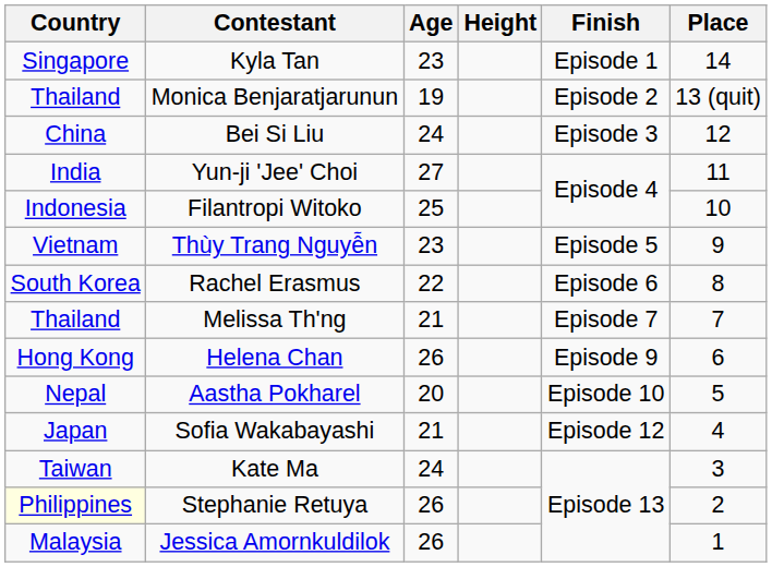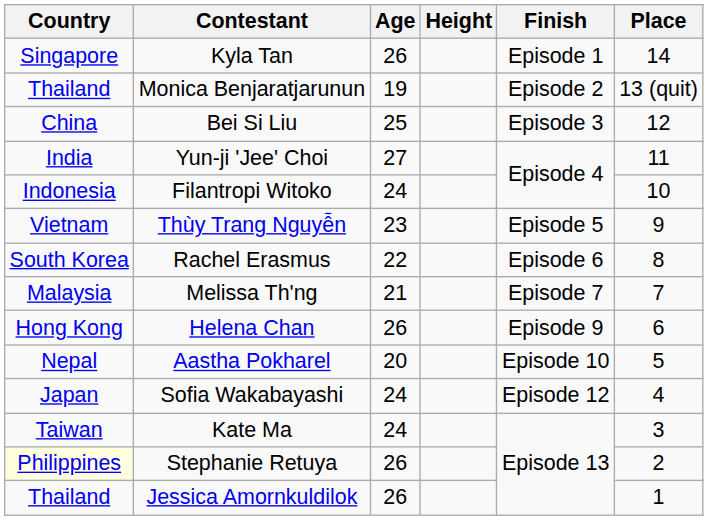 <table class="wikitable sortable" style="text-align:center;">
 <tr>
 <th>Country</th>
 <th>Contestant</th>
 <th>Age</th>
 <th>Height</th>
 <th>Finish</th>
 <th>Place</th>
 </tr>
 <tr>
 <td><a href='#'>Singapore</a></td>
 <td>Kyla Tan</td>
-<td>23</td>
+<td>26</td>
 <td></td>
 <td>Episode 1</td>
 <td>14</td>
 </tr>
 <tr>
 <td><a href='#'>Thailand</a></td>
 <td>Monica Benjaratjarunun</td>
 <td>19</td>
 <td></td>
 <td>Episode 2</td>
 <td>13 (quit)</td>
 </tr>
 <tr>
 <td><a href='#'>China</a></td>
 <td>Bei Si Liu</td>
-<td>24</td>
+<td>25</td>
 <td></td>
 <td>Episode 3</td>
 <td>12</td>
 </tr>
 <tr>
 <td><a href='#'>India</a></td>
 <td>Yun-ji 'Jee' Choi</td>
 <td>27</td>
 <td></td>
 <td rowspan="2">Episode 4</td>
 <td>11</td>
 </tr>
 <tr>
 <td><a href='#'>Indonesia</a></td>
 <td>Filantropi Witoko</td>
-<td>25</td>
+<td>24</td>
 <td></td>
 <td>10</td>
 </tr>
 <tr>
 <td><a href='#'>Vietnam</a></td>
 <td><a href='#'>Thùy Trang Nguyễn</a></td>
 <td>23</td>
 <td></td>
 <td>Episode 5</td>
 <td>9</td>
 </tr>
 <tr>
 <td><a href='#'>South Korea</a></td>
 <td>Rachel Erasmus</td>
 <td>22</td>
 <td></td>
 <td>Episode 6</td>
 <td>8</td>
 </tr>
 <tr>
-<td><a href='#'>Thailand</a></td>
+<td><a href='#'>Malaysia</a></td>
 <td>Melissa Th'ng</td>
 <td>21</td>
 <td></td>
 <td>Episode 7</td>
 <td>7</td>
 </tr>
 <tr>
 <td><a href='#'>Hong Kong</a></td>
 <td><a href='#'>Helena Chan</a></td>
 <td>26</td>
 <td></td>
 <td>Episode 9</td>
 <td>6</td>
 </tr>
 <tr>
 <td><a href='#'>Nepal</a></td>
 <td><a href='#'>Aastha Pokharel</a></td>
 <td>20</td>
 <td></td>
 <td>Episode 10</td>
 <td>5</td>
 </tr>
 <tr>
 <td><a href='#'>Japan</a></td>
 <td>Sofia Wakabayashi</td>
-<td>21</td>
+<td>24</td>
 <td></td>
 <td>Episode 12</td>
 <td>4</td>
 </tr>
 <tr>
 <td><a href='#'>Taiwan</a></td>
 <td>Kate Ma</td>
 <td>24</td>
 <td></td>
 <td rowspan="3">Episode 13</td>
 <td>3</td>
 </tr>
 <tr>
 <td style="background: lightyellow;"><a href='#'>Philippines</a></td>
 <td>Stephanie Retuya</td>
 <td>26</td>
 <td></td>
 <td>2</td>
 </tr>
 <tr>
-<td><a href='#'>Malaysia</a></td>
+<td><a href='#'>Thailand</a></td>
 <td><a href='#'>Jessica Amornkuldilok</a></td>
 <td>26</td>
 <td></td>
 <td>1</td>
 </tr>
 </table>
